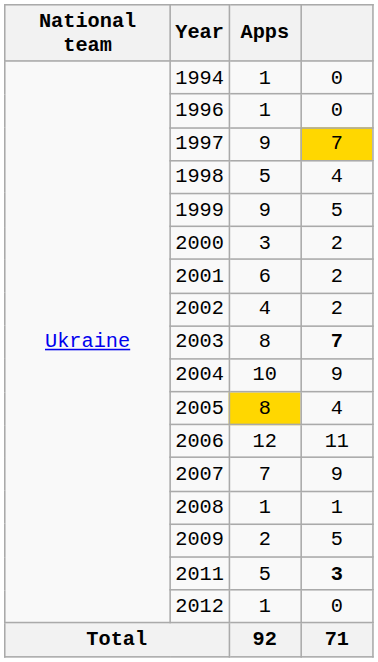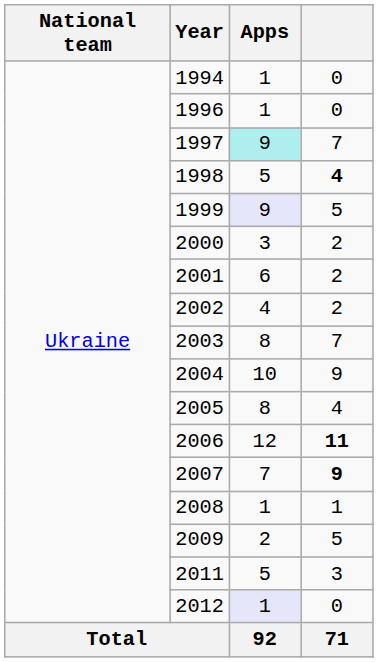 <table class="wikitable" style="text-align:center">
 <tr>
 <th width="100">National team</th>
 <th>Year</th>
 <th width="40">Apps</th>
 <th width="40"></th>
 </tr>
 <tr>
 <td rowspan="17"><a href='#'>Ukraine</a></td>
 <td>1994</td>
 <td>1</td>
 <td>0</td>
 </tr>
 <tr>
 <td>1996</td>
 <td>1</td>
 <td>0</td>
 </tr>
 <tr>
 <td>1997</td>
-<td>9</td>
-<td style="background: gold;">7</td>
+<td style="background: paleturquoise;">9</td>
+<td>7</td>
 </tr>
 <tr>
 <td>1998</td>
 <td>5</td>
-<td>4</td>
+<td><strong>4</strong></td>
 </tr>
 <tr>
 <td>1999</td>
-<td>9</td>
+<td style="background: lavender;">9</td>
 <td>5</td>
 </tr>
 <tr>
 <td>2000</td>
 <td>3</td>
 <td>2</td>
 </tr>
 <tr>
 <td>2001</td>
 <td>6</td>
 <td>2</td>
 </tr>
 <tr>
 <td>2002</td>
 <td>4</td>
 <td>2</td>
 </tr>
 <tr>
 <td>2003</td>
 <td>8</td>
-<td><strong>7</strong></td>
+<td>7</td>
 </tr>
 <tr>
 <td>2004</td>
 <td>10</td>
 <td>9</td>
 </tr>
 <tr>
 <td>2005</td>
-<td style="background: gold;">8</td>
+<td>8</td>
 <td>4</td>
 </tr>
 <tr>
 <td>2006</td>
 <td>12</td>
-<td>11</td>
+<td><strong>11</strong></td>
 </tr>
 <tr>
 <td>2007</td>
 <td>7</td>
-<td>9</td>
+<td><strong>9</strong></td>
 </tr>
 <tr>
 <td>2008</td>
 <td>1</td>
 <td>1</td>
 </tr>
 <tr>
 <td>2009</td>
 <td>2</td>
 <td>5</td>
 </tr>
 <tr>
 <td>2011</td>
 <td>5</td>
-<td><strong>3</strong></td>
+<td>3</td>
 </tr>
 <tr>
 <td>2012</td>
-<td>1</td>
+<td style="background: lavender;">1</td>
 <td>0</td>
 </tr>
 <tr>
 <th colspan="2">Total</th>
 <th>92</th>
 <th>71</th>
 </tr>
 </table>
